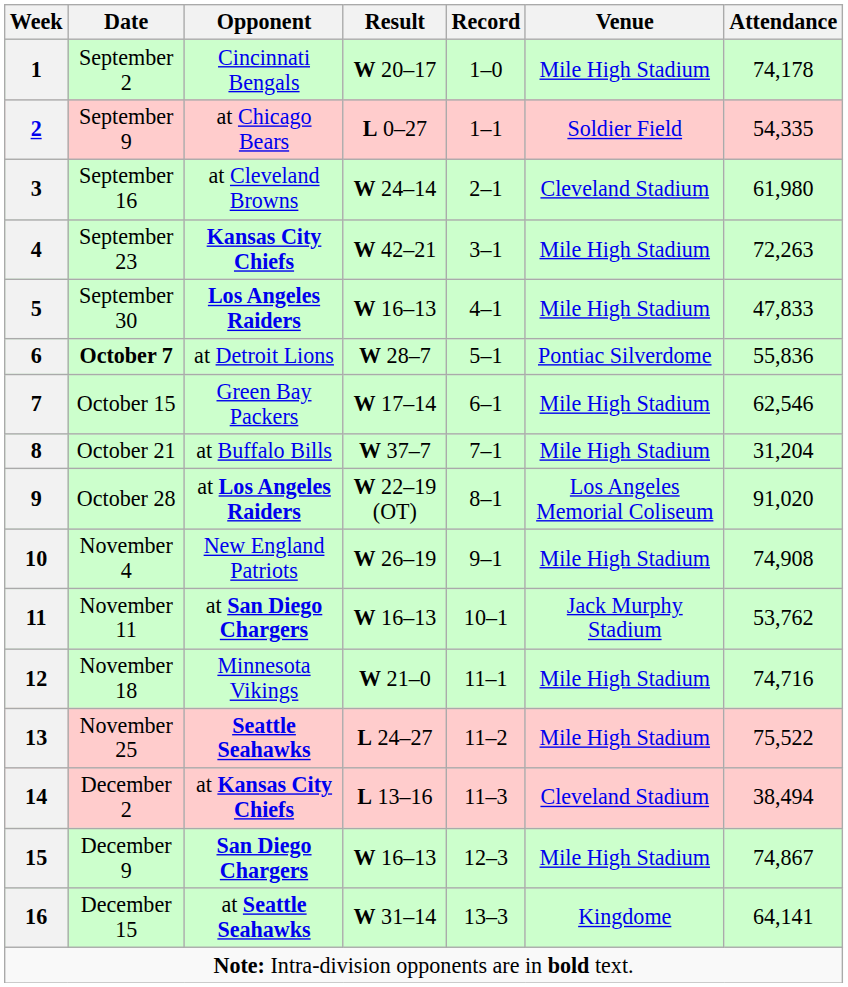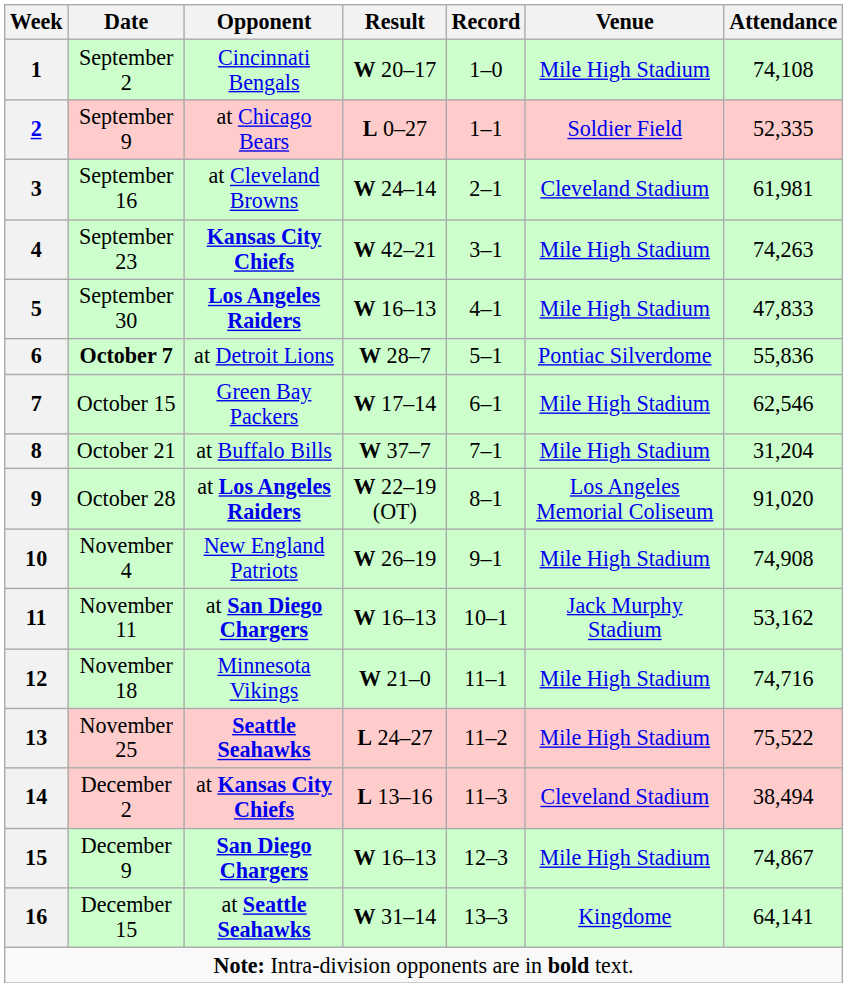 <table class="wikitable" style="text-align:center">
 <tr>
 <th>Week</th>
 <th>Date</th>
 <th>Opponent</th>
 <th>Result</th>
 <th>Record</th>
 <th>Venue</th>
 <th>Attendance</th>
 </tr>
 <tr style="background:#cfc">
 <th>1</th>
 <td>September 2</td>
 <td><a href='#'>Cincinnati Bengals</a></td>
 <td><strong>W</strong> 20–17</td>
 <td>1–0</td>
 <td><a href='#'>Mile High Stadium</a></td>
-<td>74,178</td>
+<td>74,108</td>
 </tr>
 <tr style="background:#fcc">
 <th><a href='#'>2</a></th>
 <td>September 9</td>
 <td>at <a href='#'>Chicago Bears</a></td>
 <td><strong>L</strong> 0–27</td>
 <td>1–1</td>
 <td><a href='#'>Soldier Field</a></td>
-<td>54,335</td>
+<td>52,335</td>
 </tr>
 <tr style="background:#cfc">
 <th>3</th>
 <td>September 16</td>
 <td>at <a href='#'>Cleveland Browns</a></td>
 <td><strong>W</strong> 24–14</td>
 <td>2–1</td>
 <td><a href='#'>Cleveland Stadium</a></td>
-<td>61,980</td>
+<td>61,981</td>
 </tr>
 <tr style="background:#cfc">
 <th>4</th>
 <td>September 23</td>
 <td><strong><a href='#'>Kansas City Chiefs</a></strong></td>
 <td><strong>W</strong> 42–21</td>
 <td>3–1</td>
 <td><a href='#'>Mile High Stadium</a></td>
-<td>72,263</td>
+<td>74,263</td>
 </tr>
 <tr style="background:#cfc">
 <th>5</th>
 <td>September 30</td>
 <td><strong><a href='#'>Los Angeles Raiders</a></strong></td>
 <td><strong>W</strong> 16–13</td>
 <td>4–1</td>
 <td><a href='#'>Mile High Stadium</a></td>
 <td>47,833</td>
 </tr>
 <tr style="background:#cfc">
 <th>6</th>
 <td><strong>October 7</strong></td>
 <td>at <a href='#'>Detroit Lions</a></td>
 <td><strong>W</strong> 28–7</td>
 <td>5–1</td>
 <td><a href='#'>Pontiac Silverdome</a></td>
 <td>55,836</td>
 </tr>
 <tr style="background:#cfc">
 <th>7</th>
 <td>October 15</td>
 <td><a href='#'>Green Bay Packers</a></td>
 <td><strong>W</strong> 17–14</td>
 <td>6–1</td>
 <td><a href='#'>Mile High Stadium</a></td>
 <td>62,546</td>
 </tr>
 <tr style="background:#cfc">
 <th>8</th>
 <td>October 21</td>
 <td>at <a href='#'>Buffalo Bills</a></td>
 <td><strong>W</strong> 37–7</td>
 <td>7–1</td>
 <td><a href='#'>Mile High Stadium</a></td>
 <td>31,204</td>
 </tr>
 <tr style="background:#cfc">
 <th>9</th>
 <td>October 28</td>
 <td>at <strong><a href='#'>Los Angeles Raiders</a></strong></td>
 <td><strong>W</strong> 22–19 (OT)</td>
 <td>8–1</td>
 <td><a href='#'>Los Angeles Memorial Coliseum</a></td>
 <td>91,020</td>
 </tr>
 <tr style="background:#cfc">
 <th>10</th>
 <td>November 4</td>
 <td><a href='#'>New England Patriots</a></td>
 <td><strong>W</strong> 26–19</td>
 <td>9–1</td>
 <td><a href='#'>Mile High Stadium</a></td>
 <td>74,908</td>
 </tr>
 <tr style="background:#cfc">
 <th>11</th>
 <td>November 11</td>
 <td>at <strong><a href='#'>San Diego Chargers</a></strong></td>
 <td><strong>W</strong> 16–13</td>
 <td>10–1</td>
 <td><a href='#'>Jack Murphy Stadium</a></td>
-<td>53,762</td>
+<td>53,162</td>
 </tr>
 <tr style="background:#cfc">
 <th>12</th>
 <td>November 18</td>
 <td><a href='#'>Minnesota Vikings</a></td>
 <td><strong>W</strong> 21–0</td>
 <td>11–1</td>
 <td><a href='#'>Mile High Stadium</a></td>
 <td>74,716</td>
 </tr>
 <tr style="background:#fcc">
 <th>13</th>
 <td>November 25</td>
 <td><strong><a href='#'>Seattle Seahawks</a></strong></td>
 <td><strong>L</strong> 24–27</td>
 <td>11–2</td>
 <td><a href='#'>Mile High Stadium</a></td>
 <td>75,522</td>
 </tr>
 <tr style="background:#fcc">
 <th>14</th>
 <td>December 2</td>
 <td>at <strong><a href='#'>Kansas City Chiefs</a></strong></td>
 <td><strong>L</strong> 13–16</td>
 <td>11–3</td>
 <td><a href='#'>Cleveland Stadium</a></td>
 <td>38,494</td>
 </tr>
 <tr style="background:#cfc">
 <th>15</th>
 <td>December 9</td>
 <td><strong><a href='#'>San Diego Chargers</a></strong></td>
 <td><strong>W</strong> 16–13</td>
 <td>12–3</td>
 <td><a href='#'>Mile High Stadium</a></td>
 <td>74,867</td>
 </tr>
 <tr style="background:#cfc">
 <th>16</th>
 <td>December 15</td>
 <td>at <strong><a href='#'>Seattle Seahawks</a></strong></td>
 <td><strong>W</strong> 31–14</td>
 <td>13–3</td>
 <td><a href='#'>Kingdome</a></td>
 <td>64,141</td>
 </tr>
 <tr>
 <td colspan="8"><strong>Note:</strong> Intra-division opponents are in <strong>bold</strong> text.</td>
 </tr>
 </table>
